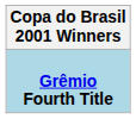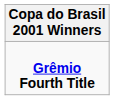 <table class="wikitable" style="text-align: center; margin: 0 auto;">
 <tr>
 <th>Copa do Brasil<br>2001 Winners</th>
 </tr>
 <tr>
-<td style="background: lightblue;"><br><strong><a href='#'>Grêmio</a></strong><br><strong>Fourth Title</strong></td>
+<td><br><strong><a href='#'>Grêmio</a></strong><br><strong>Fourth Title</strong></td>
 </tr>
 </table>
